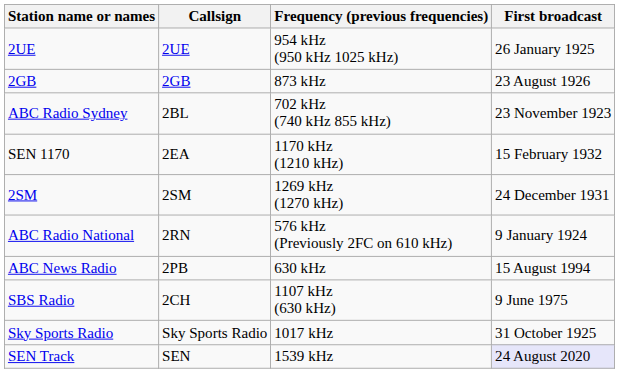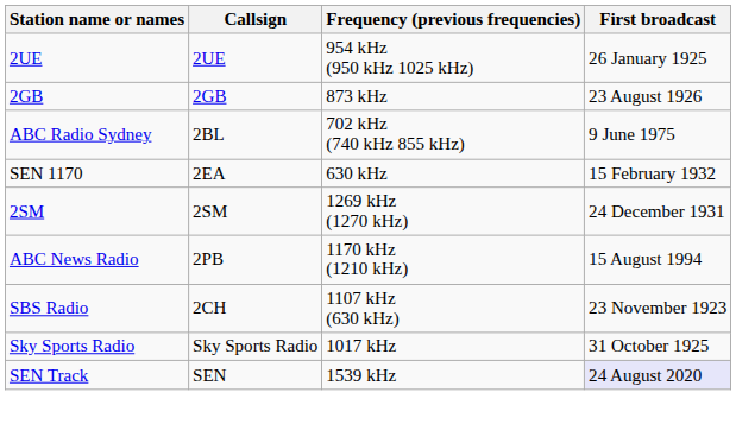 <table class="wikitable sortable">
 <tr>
 <th>Station name or names</th>
 <th>Callsign</th>
 <th>Frequency (previous frequencies)</th>
 <th>First broadcast</th>
 </tr>
 <tr>
 <td><a href='#'>2UE</a></td>
 <td><a href='#'>2UE</a></td>
 <td>954 kHz<br>(950 kHz 1025 kHz)</td>
 <td>26 January 1925</td>
 </tr>
 <tr>
 <td><a href='#'>2GB</a></td>
 <td><a href='#'>2GB</a></td>
 <td>873 kHz</td>
 <td>23 August 1926</td>
 </tr>
 <tr>
 <td><a href='#'>ABC Radio Sydney</a></td>
 <td>2BL</td>
 <td>702 kHz<br>(740 kHz 855 kHz)</td>
-<td>23 November 1923</td>
+<td>9 June 1975</td>
 </tr>
 <tr>
 <td>SEN 1170</td>
 <td>2EA</td>
-<td>1170 kHz<br>(1210 kHz)</td>
+<td>630 kHz</td>
 <td>15 February 1932</td>
 </tr>
 <tr>
 <td><a href='#'>2SM</a></td>
 <td>2SM</td>
 <td>1269 kHz<br>(1270 kHz)</td>
 <td>24 December 1931</td>
 </tr>
 <tr>
-<td><a href='#'>ABC Radio National</a></td>
-<td>2RN</td>
-<td>576 kHz<br>(Previously 2FC on 610 kHz)</td>
-<td>9 January 1924</td>
-</tr>
-<tr>
 <td><a href='#'>ABC News Radio</a></td>
 <td>2PB</td>
-<td>630 kHz</td>
+<td>1170 kHz<br>(1210 kHz)</td>
 <td>15 August 1994</td>
 </tr>
 <tr>
 <td><a href='#'>SBS Radio</a></td>
 <td>2CH</td>
 <td>1107 kHz<br>(630 kHz)</td>
-<td>9 June 1975</td>
+<td>23 November 1923</td>
 </tr>
 <tr>
 <td><a href='#'>Sky Sports Radio</a></td>
 <td>Sky Sports Radio</td>
 <td>1017 kHz</td>
 <td>31 October 1925</td>
 </tr>
 <tr>
 <td><a href='#'>SEN Track</a></td>
 <td>SEN</td>
 <td>1539 kHz</td>
 <td style="background: lavender;">24 August 2020</td>
 </tr>
 </table>
